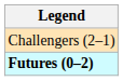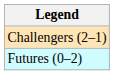 <table class="wikitable">
 <tr>
 <th>Legend</th>
 </tr>
 <tr bgcolor="moccasin">
 <td>Challengers (2–1)</td>
 </tr>
 <tr bgcolor="CFFCFF">
-<td><strong>Futures (0–2)</strong></td>
+<td>Futures (0–2)</td>
 </tr>
 </table>
